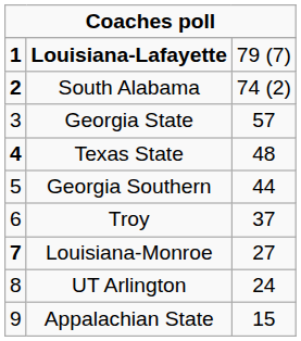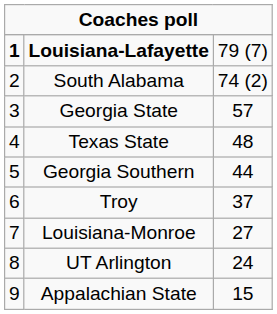 <table class="wikitable">
 <tr style="text-align:center;">
 <td colspan="3"><strong>Coaches poll</strong></td>
 </tr>
 <tr style="text-align:center;">
 </tr>
 <tr style="text-align:center;">
 <td><strong>1</strong></td>
 <td><strong>Louisiana-Lafayette</strong></td>
 <td>79 (7)</td>
 </tr>
 <tr style="text-align:center;">
-<td><strong>2</strong></td>
+<td>2</td>
 <td>South Alabama</td>
 <td>74 (2)</td>
 </tr>
 <tr style="text-align:center;">
 <td>3</td>
 <td>Georgia State</td>
 <td>57</td>
 </tr>
 <tr style="text-align:center;">
-<td><strong>4</strong></td>
+<td>4</td>
 <td>Texas State</td>
 <td>48</td>
 </tr>
 <tr style="text-align:center;">
 <td>5</td>
 <td>Georgia Southern</td>
 <td>44</td>
 </tr>
 <tr style="text-align:center;">
 <td>6</td>
 <td>Troy</td>
 <td>37</td>
 </tr>
 <tr style="text-align:center;">
-<td><strong>7</strong></td>
+<td>7</td>
 <td>Louisiana-Monroe</td>
 <td>27</td>
 </tr>
 <tr style="text-align:center;">
 <td>8</td>
 <td>UT Arlington</td>
 <td>24</td>
 </tr>
 <tr style="text-align:center;">
 <td>9</td>
 <td>Appalachian State</td>
 <td>15</td>
 </tr>
 </table>
